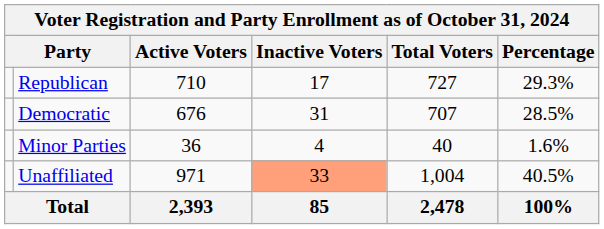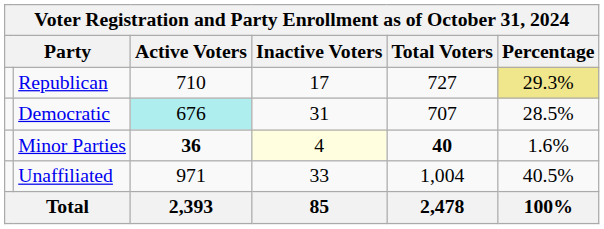 <table class=wikitable>
 <tr>
 <th colspan = 6>Voter Registration and Party Enrollment as of October 31, 2024</th>
 </tr>
 <tr>
 <th colspan = 2>Party</th>
 <th>Active Voters</th>
 <th>Inactive Voters</th>
 <th>Total Voters</th>
 <th>Percentage</th>
 </tr>
 <tr>
 <td></td>
 <td><a href='#'>Republican</a></td>
 <td align = center>710</td>
 <td align = center>17</td>
 <td align = center>727</td>
-<td align = center>29.3%</td>
+<td align = center style="background: khaki;">29.3%</td>
 </tr>
 <tr>
 <td></td>
 <td><a href='#'>Democratic</a></td>
-<td align = center>676</td>
+<td align = center style="background: paleturquoise;">676</td>
 <td align = center>31</td>
 <td align = center>707</td>
 <td align = center>28.5%</td>
 </tr>
 <tr>
 <td></td>
 <td><a href='#'>Minor Parties</a></td>
-<td align = center>36</td>
-<td align = center>4</td>
-<td align = center>40</td>
+<td align = center><strong>36</strong></td>
+<td align = center style="background: lightyellow;">4</td>
+<td align = center><strong>40</strong></td>
 <td align = center>1.6%</td>
 </tr>
 <tr>
 <td></td>
 <td><a href='#'>Unaffiliated</a></td>
 <td align = center>971</td>
-<td align = center style="background: lightsalmon;">33</td>
+<td align = center>33</td>
 <td align = center>1,004</td>
 <td align = center>40.5%</td>
 </tr>
 <tr>
 <th colspan = 2>Total</th>
 <th align = center>2,393</th>
 <th align = center>85</th>
 <th align = center>2,478</th>
 <th align = center>100%</th>
 </tr>
 </table>
